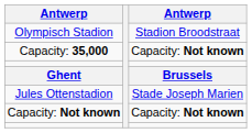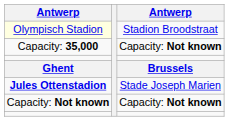 <table class="wikitable" style="text-align:center;">
 <tr>
 <th><a href='#'>Antwerp</a></th>
 <th rowspan=12 colspan=2></th>
 <th><a href='#'>Antwerp</a></th>
 </tr>
 <tr>
-<td><a href='#'>Olympisch Stadion</a></td>
+<td style="background: lightyellow;"><a href='#'>Olympisch Stadion</a></td>
 <td><a href='#'>Stadion Broodstraat</a></td>
 </tr>
 <tr>
 <td>Capacity: <strong>35,000</strong></td>
 <td>Capacity: <strong>Not known</strong></td>
 </tr>
 <tr>
 <td></td>
 <td></td>
 </tr>
 <tr>
 <th><a href='#'>Ghent</a></th>
 <th><a href='#'>Brussels</a></th>
 </tr>
 <tr>
-<td><a href='#'>Jules Ottenstadion</a></td>
+<td><strong><a href='#'>Jules Ottenstadion</a></strong></td>
 <td><a href='#'>Stade Joseph Marien</a></td>
 </tr>
 <tr>
 <td>Capacity: <strong>Not known</strong></td>
 <td>Capacity: <strong>Not known</strong></td>
 </tr>
 <tr>
 <td></td>
 <td></td>
 </tr>
 </table>
